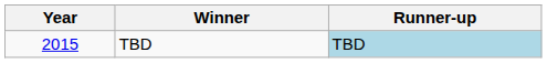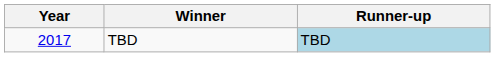 <table class="wikitable">
 <tr>
 <th width="100">Year</th>
 <th width="200">Winner</th>
 <th width="200">Runner-up</th>
 </tr>
 <tr>
-<td align="center"><a href='#'>2015</a></td>
+<td align="center"><a href='#'>2017</a></td>
 <td>TBD</td>
 <td style="background: lightblue;">TBD</td>
 </tr>
 </table>
